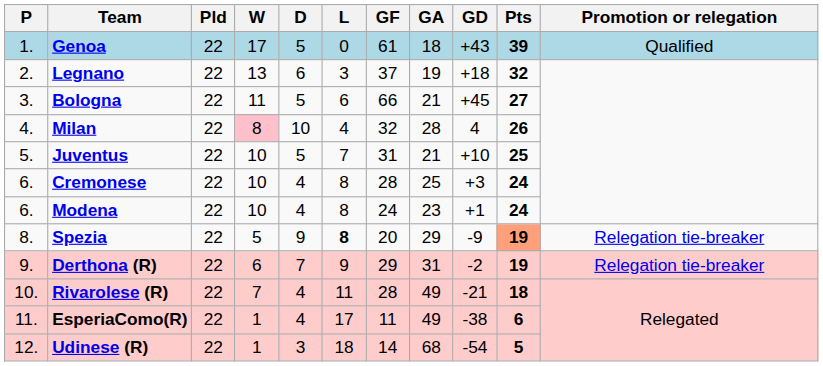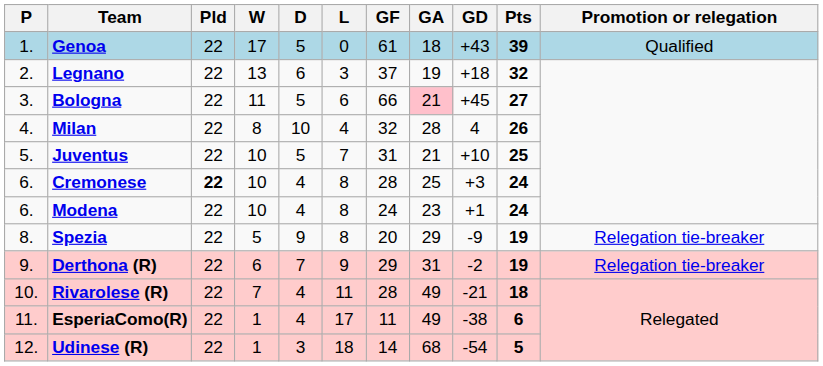 <table class="wikitable sortable" style="text-align: center;">
 <tr>
 <th width=33>P<br></th>
 <th>Team<br></th>
 <th width=33>Pld<br></th>
 <th width=33>W<br></th>
 <th width=33>D<br></th>
 <th width=33>L<br></th>
 <th width=33>GF<br></th>
 <th width=33>GA<br></th>
 <th width=33>GD<br></th>
 <th width=33>Pts<br></th>
 <th class="unsortable" width=250>Promotion or relegation<br></th>
 </tr>
 <tr style="background: lightblue;">
 <td>1.</td>
 <td align="left"><strong><a href='#'>Genoa</a></strong></td>
 <td>22</td>
 <td>17</td>
 <td>5</td>
 <td>0</td>
 <td>61</td>
 <td>18</td>
 <td>+43</td>
 <td><strong>39</strong></td>
 <td>Qualified</td>
 </tr>
 <tr>
 <td>2.</td>
 <td align="left"><strong><a href='#'>Legnano</a></strong></td>
 <td>22</td>
 <td>13</td>
 <td>6</td>
 <td>3</td>
 <td>37</td>
 <td>19</td>
 <td>+18</td>
 <td><strong>32</strong></td>
 </tr>
 <tr>
 <td>3.</td>
 <td align="left"><strong><a href='#'>Bologna</a></strong></td>
 <td>22</td>
 <td>11</td>
 <td>5</td>
 <td>6</td>
 <td>66</td>
-<td>21</td>
+<td style="background: pink;">21</td>
 <td>+45</td>
 <td><strong>27</strong></td>
 </tr>
 <tr>
 <td>4.</td>
 <td align="left"><strong><a href='#'>Milan</a></strong></td>
 <td>22</td>
-<td style="background: pink;">8</td>
+<td>8</td>
 <td>10</td>
 <td>4</td>
 <td>32</td>
 <td>28</td>
 <td>4</td>
 <td><strong>26</strong></td>
 </tr>
 <tr>
 <td>5.</td>
 <td align="left"><strong><a href='#'>Juventus</a></strong></td>
 <td>22</td>
 <td>10</td>
 <td>5</td>
 <td>7</td>
 <td>31</td>
 <td>21</td>
 <td>+10</td>
 <td><strong>25</strong></td>
 </tr>
 <tr>
 <td>6.</td>
 <td align="left"><strong><a href='#'>Cremonese</a></strong></td>
-<td>22</td>
+<td><strong>22</strong></td>
 <td>10</td>
 <td>4</td>
 <td>8</td>
 <td>28</td>
 <td>25</td>
 <td>+3</td>
 <td><strong>24</strong></td>
 </tr>
 <tr>
 <td>6.</td>
 <td align="left"><strong><a href='#'>Modena</a></strong></td>
 <td>22</td>
 <td>10</td>
 <td>4</td>
 <td>8</td>
 <td>24</td>
 <td>23</td>
 <td>+1</td>
 <td><strong>24</strong></td>
 </tr>
 <tr>
 <td>8.</td>
 <td align="left"><strong><a href='#'>Spezia</a></strong></td>
 <td>22</td>
 <td>5</td>
 <td>9</td>
-<td><strong>8</strong></td>
+<td>8</td>
 <td>20</td>
 <td>29</td>
 <td>-9</td>
-<td style="background: lightsalmon;"><strong>19</strong></td>
+<td><strong>19</strong></td>
 <td rowspan="1"><a href='#'>Relegation tie-breaker</a></td>
 </tr>
 <tr style="background: #FFCccc;">
 <td>9.</td>
 <td align="left"><strong><a href='#'>Derthona</a> (R)</strong></td>
 <td>22</td>
 <td>6</td>
 <td>7</td>
 <td>9</td>
 <td>29</td>
 <td>31</td>
 <td>-2</td>
 <td><strong>19</strong></td>
 <td rowspan="1"><a href='#'>Relegation tie-breaker</a></td>
 </tr>
 <tr style="background:#FFCCCC">
 <td>10.</td>
 <td align="left"><strong><a href='#'>Rivarolese</a> (R)</strong></td>
 <td>22</td>
 <td>7</td>
 <td>4</td>
 <td>11</td>
 <td>28</td>
 <td>49</td>
 <td>-21</td>
 <td><strong>18</strong></td>
 <td rowspan="3">Relegated</td>
 </tr>
 <tr style="background:#FFCCCC">
 <td>11.</td>
 <td align="left"><strong>EsperiaComo(R)</strong></td>
 <td>22</td>
 <td>1</td>
 <td>4</td>
 <td>17</td>
 <td>11</td>
 <td>49</td>
 <td>-38</td>
 <td><strong>6</strong></td>
 </tr>
 <tr style="background:#FFCCCC">
 <td>12.</td>
 <td align="left"><strong><a href='#'>Udinese</a> (R)</strong></td>
 <td>22</td>
 <td>1</td>
 <td>3</td>
 <td>18</td>
 <td>14</td>
 <td>68</td>
 <td>-54</td>
 <td><strong>5</strong></td>
 </tr>
 </table>
